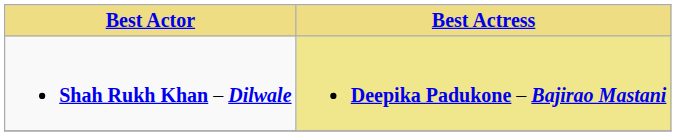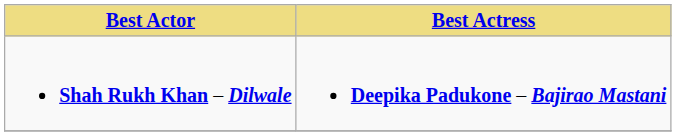 <table class="wikitable">
 <tr>
 <th ! style="background:#EEDD82;text-align:center;"><a href='#'>Best Actor</a></th>
 <th ! style="background:#eedd82;text-align:center;"><a href='#'>Best Actress</a></th>
 </tr>
 <tr>
 <td valign="top"><br><ul><li><strong><a href='#'>Shah Rukh Khan</a></strong> – <strong><em><a href='#'>Dilwale</a></em></strong></li></ul></td>
-<td valign="top" style="background: khaki;"><br><ul><li><strong><a href='#'>Deepika Padukone</a></strong> – <strong><em><a href='#'>Bajirao Mastani</a></em></strong></li></ul></td>
+<td valign="top"><br><ul><li><strong><a href='#'>Deepika Padukone</a></strong> – <strong><em><a href='#'>Bajirao Mastani</a></em></strong></li></ul></td>
 </tr>
 <tr>
 </tr>
 </table>
